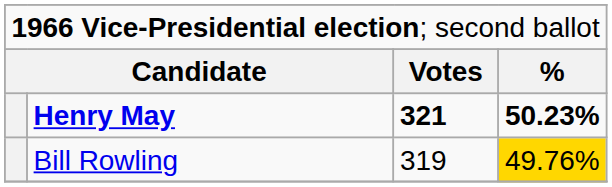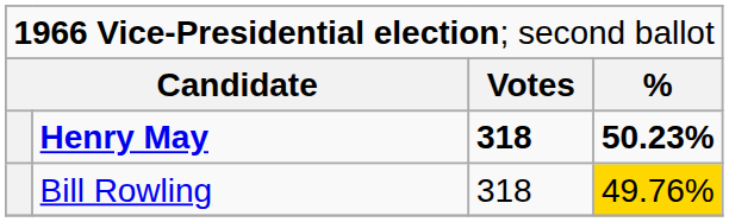 <table class="wikitable" style="font-size: 95%;">
 <tr>
 <td colspan=4 style="text-align:center;"><strong>1966 Vice-Presidential election</strong>; second ballot</td>
 </tr>
 <tr style="background-color:#E9E9E9">
 <th colspan="2" style="width: 170px">Candidate</th>
 <th style="width: 50px">Votes</th>
 <th style="width: 40px">%</th>
 </tr>
 <tr>
 <th width=5 style="background-color: "></th>
 <td><strong><a href='#'>Henry May</a></strong></td>
-<td><strong>321</strong></td>
+<td><strong>318</strong></td>
 <td><strong>50.23%</strong></td>
 </tr>
 <tr>
 <th style="background-color: "></th>
 <td><a href='#'>Bill Rowling</a></td>
-<td>319</td>
+<td>318</td>
 <td style="background: gold;">49.76%</td>
 </tr>
 <tr>
 </tr>
 </table>
